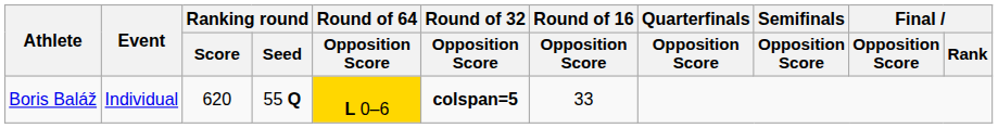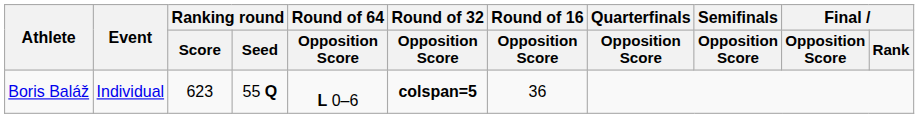 <table class="wikitable" style="font-size:90%">
 <tr>
 <th rowspan="2">Athlete</th>
 <th rowspan="2">Event</th>
 <th colspan="2">Ranking round</th>
 <th>Round of 64</th>
 <th>Round of 32</th>
 <th>Round of 16</th>
 <th>Quarterfinals</th>
 <th>Semifinals</th>
 <th colspan="2">Final / </th>
 </tr>
 <tr style="font-size:95%">
 <th>Score</th>
 <th>Seed</th>
 <th>Opposition<br>Score</th>
 <th>Opposition<br>Score</th>
 <th>Opposition<br>Score</th>
 <th>Opposition<br>Score</th>
 <th>Opposition<br>Score</th>
 <th>Opposition<br>Score</th>
 <th>Rank</th>
 </tr>
 <tr align=center>
 <td align=left><a href='#'>Boris Baláž</a></td>
 <td align=left rowspan=3><a href='#'>Individual</a></td>
-<td>620</td>
+<td>623</td>
 <td>55 <strong>Q</strong></td>
-<td style="background: gold;"><br> <strong>L</strong> 0–6</td>
+<td><br> <strong>L</strong> 0–6</td>
 <td><strong>colspan=5 </strong></td>
-<td>33</td>
+<td>36</td>
 </tr>
 </table>
